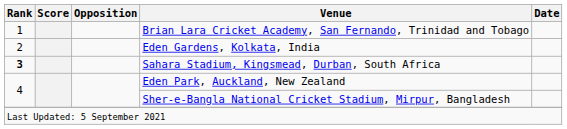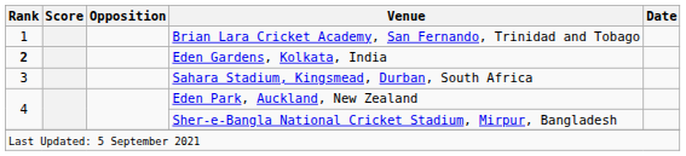 <table class="wikitable plainrowheaders sortable">
 <tr>
 <th scope=col>Rank</th>
 <th scope=col>Score</th>
 <th scope=col>Opposition</th>
 <th scope=col>Venue</th>
 <th scope=col>Date</th>
 </tr>
 <tr>
 <td align=center>1</td>
 <th scope=row style=text-align:center;></th>
 <td></td>
 <td><a href='#'>Brian Lara Cricket Academy</a>, <a href='#'>San Fernando</a>, Trinidad and Tobago</td>
 <td> </td>
 </tr>
 <tr>
-<td align=center>2</td>
+<td align=center><strong>2</strong></td>
 <th scope=row style=text-align:center;></th>
 <td></td>
 <td><a href='#'>Eden Gardens</a>, <a href='#'>Kolkata</a>, India</td>
 <td> </td>
 </tr>
 <tr>
-<td align=center><strong>3</strong></td>
+<td align=center>3</td>
 <th scope=row style=text-align:center;></th>
 <td></td>
 <td><a href='#'>Sahara Stadium, Kingsmead</a>, <a href='#'>Durban</a>, South Africa</td>
 <td> </td>
 </tr>
 <tr>
 <td align=center rowspan=2>4</td>
 <th scope=row style=text-align:center; rowspan=2></th>
 <td rowspan=2></td>
 <td><a href='#'>Eden Park</a>, <a href='#'>Auckland</a>, New Zealand</td>
 <td></td>
 </tr>
 <tr>
 <td><a href='#'>Sher-e-Bangla National Cricket Stadium</a>, <a href='#'>Mirpur</a>, Bangladesh</td>
 <td></td>
 </tr>
 <tr>
 </tr>
 <tr class=sortbottom>
 <td colspan=5><small>Last Updated: 5 September 2021</small></td>
 </tr>
 </table>
